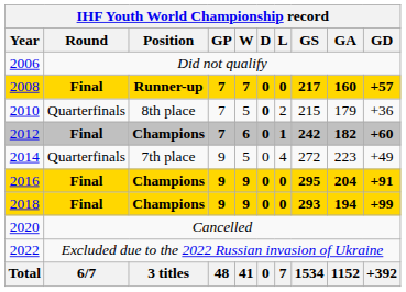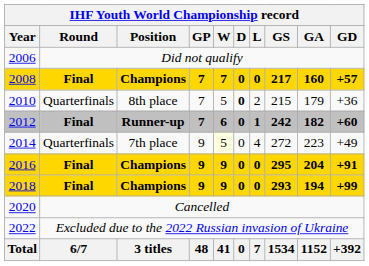 <table class="wikitable" style="text-align: center;">
 <tr>
 <th colspan=10><a href='#'>IHF Youth World Championship</a> record</th>
 </tr>
 <tr>
 <th>Year</th>
 <th>Round</th>
 <th>Position</th>
 <th>GP</th>
 <th>W</th>
 <th>D</th>
 <th>L</th>
 <th>GS</th>
 <th>GA</th>
 <th>GD</th>
 </tr>
 <tr>
 <td> <a href='#'>2006</a></td>
 <td colspan=9><em>Did not qualify</em></td>
 </tr>
 <tr bgcolor=gold>
 <td> <a href='#'>2008</a></td>
 <td><strong>Final</strong></td>
-<td><strong>Runner-up</strong></td>
+<td><strong>Champions</strong></td>
 <td><strong>7</strong></td>
 <td><strong>7</strong></td>
 <td><strong>0</strong></td>
 <td><strong>0</strong></td>
 <td><strong>217</strong></td>
 <td><strong>160</strong></td>
 <td><strong>+57</strong></td>
 </tr>
 <tr>
 <td> <a href='#'>2010</a></td>
 <td>Quarterfinals</td>
 <td>8th place</td>
 <td>7</td>
 <td>5</td>
 <td><strong>0</strong></td>
 <td>2</td>
 <td>215</td>
 <td>179</td>
 <td>+36</td>
 </tr>
 <tr bgcolor=silver>
 <td> <a href='#'>2012</a></td>
 <td><strong>Final</strong></td>
-<td><strong>Champions</strong></td>
+<td><strong>Runner-up</strong></td>
 <td><strong>7</strong></td>
 <td><strong>6</strong></td>
 <td><strong>0</strong></td>
 <td><strong>1</strong></td>
 <td><strong>242</strong></td>
 <td><strong>182</strong></td>
 <td><strong>+60</strong></td>
 </tr>
 <tr>
 <td> <a href='#'>2014</a></td>
 <td>Quarterfinals</td>
 <td>7th place</td>
 <td>9</td>
-<td>5</td>
+<td style="background: lightyellow;">5</td>
 <td>0</td>
 <td>4</td>
 <td>272</td>
 <td>223</td>
 <td>+49</td>
 </tr>
 <tr bgcolor=gold>
 <td> <a href='#'>2016</a></td>
 <td><strong>Final</strong></td>
 <td><strong>Champions</strong></td>
 <td><strong>9</strong></td>
 <td><strong>9</strong></td>
 <td><strong>0</strong></td>
 <td><strong>0</strong></td>
 <td><strong>295</strong></td>
 <td><strong>204</strong></td>
 <td><strong>+91</strong></td>
 </tr>
 <tr bgcolor=gold>
 <td> <a href='#'>2018</a></td>
 <td><strong>Final</strong></td>
 <td><strong>Champions</strong></td>
 <td><strong>9</strong></td>
 <td><strong>9</strong></td>
 <td><strong>0</strong></td>
 <td><strong>0</strong></td>
 <td><strong>293</strong></td>
 <td><strong>194</strong></td>
 <td><strong>+99</strong></td>
 </tr>
 <tr>
 <td> <a href='#'>2020</a></td>
 <td colspan=9><em>Cancelled</em></td>
 </tr>
 <tr>
 <td> <a href='#'>2022</a></td>
 <td colspan=9><em>Excluded due to the <a href='#'>2022 Russian invasion of Ukraine</a></em></td>
 </tr>
 <tr>
 <th>Total</th>
 <th>6/7</th>
 <th>3 titles</th>
 <th>48</th>
 <th>41</th>
 <th>0</th>
 <th>7</th>
 <th>1534</th>
 <th>1152</th>
 <th>+392</th>
 </tr>
 </table>
